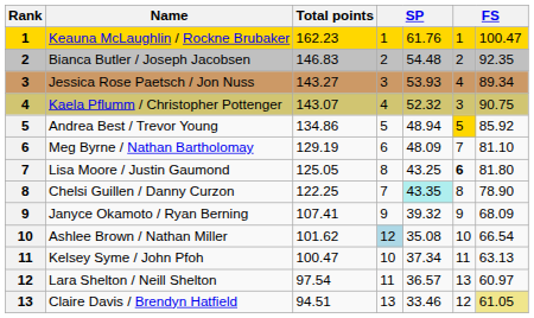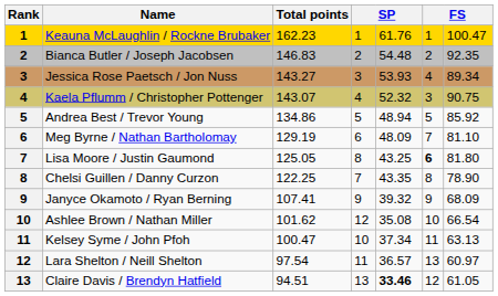 <table class="wikitable">
 <tr>
 <th>Rank</th>
 <th>Name</th>
 <th>Total points</th>
 <th colspan="2" width="80px"><a href='#'>SP</a></th>
 <th colspan="2" width="80px"><a href='#'>FS</a></th>
 </tr>
 <tr bgcolor="gold">
 <td align="center"><strong>1</strong></td>
 <td><a href='#'>Keauna McLaughlin</a> / <a href='#'>Rockne Brubaker</a></td>
 <td>162.23</td>
 <td>1</td>
 <td>61.76</td>
 <td>1</td>
 <td>100.47</td>
 </tr>
 <tr bgcolor="silver">
 <td align="center"><strong>2</strong></td>
 <td>Bianca Butler / Joseph Jacobsen</td>
 <td>146.83</td>
 <td>2</td>
 <td>54.48</td>
 <td>2</td>
 <td>92.35</td>
 </tr>
 <tr bgcolor="cc9966">
 <td align="center"><strong>3</strong></td>
 <td>Jessica Rose Paetsch / Jon Nuss</td>
 <td>143.27</td>
 <td>3</td>
 <td>53.93</td>
 <td>4</td>
 <td>89.34</td>
 </tr>
 <tr bgcolor="#d1c571">
 <td align="center"><strong>4</strong></td>
 <td><a href='#'>Kaela Pflumm</a> / Christopher Pottenger</td>
 <td>143.07</td>
 <td>4</td>
 <td>52.32</td>
 <td>3</td>
 <td>90.75</td>
 </tr>
 <tr>
 <th>5</th>
 <td>Andrea Best / Trevor Young</td>
 <td>134.86</td>
 <td>5</td>
 <td>48.94</td>
-<td style="background: gold;">5</td>
+<td>5</td>
 <td>85.92</td>
 </tr>
 <tr>
 <th>6</th>
 <td>Meg Byrne / <a href='#'>Nathan Bartholomay</a></td>
 <td>129.19</td>
 <td>6</td>
 <td>48.09</td>
 <td>7</td>
 <td>81.10</td>
 </tr>
 <tr>
 <th>7</th>
 <td>Lisa Moore / Justin Gaumond</td>
 <td>125.05</td>
 <td>8</td>
 <td>43.25</td>
 <td><strong>6</strong></td>
 <td>81.80</td>
 </tr>
 <tr>
 <th>8</th>
 <td>Chelsi Guillen / Danny Curzon</td>
 <td>122.25</td>
 <td>7</td>
-<td style="background: paleturquoise;">43.35</td>
+<td>43.35</td>
 <td>8</td>
 <td>78.90</td>
 </tr>
 <tr>
 <th>9</th>
 <td>Janyce Okamoto / Ryan Berning</td>
 <td>107.41</td>
 <td>9</td>
 <td>39.32</td>
 <td>9</td>
 <td>68.09</td>
 </tr>
 <tr>
 <th>10</th>
 <td>Ashlee Brown / Nathan Miller</td>
 <td>101.62</td>
-<td style="background: lightblue;">12</td>
+<td>12</td>
 <td>35.08</td>
 <td>10</td>
 <td>66.54</td>
 </tr>
 <tr>
 <th>11</th>
 <td>Kelsey Syme / John Pfoh</td>
 <td>100.47</td>
 <td>10</td>
 <td>37.34</td>
 <td>11</td>
 <td>63.13</td>
 </tr>
 <tr>
 <th>12</th>
 <td>Lara Shelton / Neill Shelton</td>
 <td>97.54</td>
 <td>11</td>
 <td>36.57</td>
 <td>13</td>
 <td>60.97</td>
 </tr>
 <tr>
 <th>13</th>
 <td>Claire Davis / <a href='#'>Brendyn Hatfield</a></td>
 <td>94.51</td>
 <td>13</td>
-<td>33.46</td>
+<td><strong>33.46</strong></td>
 <td>12</td>
-<td style="background: khaki;">61.05</td>
+<td>61.05</td>
 </tr>
 </table>
